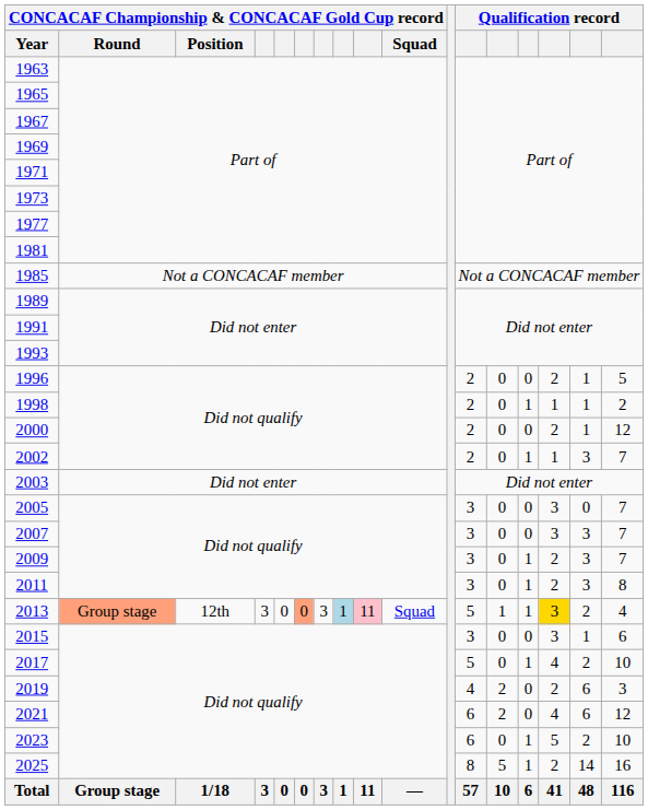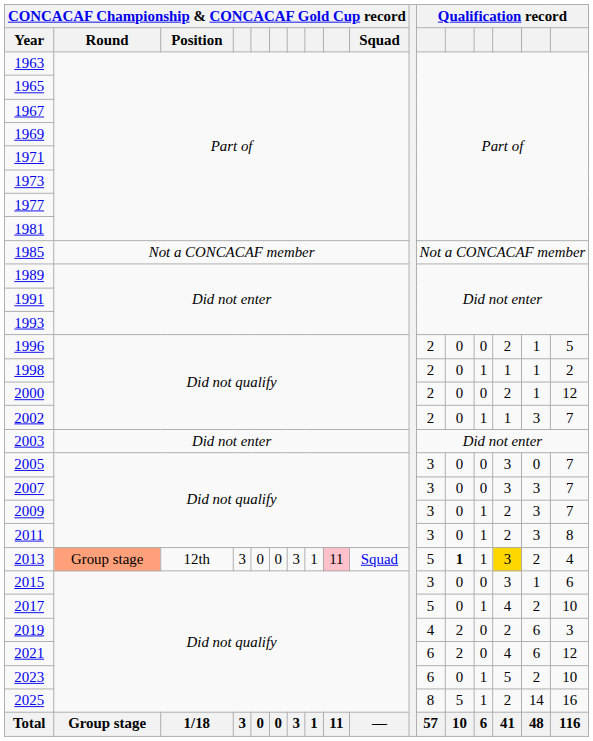 <table class="wikitable" style="text-align:center">
 <tr>
 <th colspan=10><a href='#'>CONCACAF Championship</a> & <a href='#'>CONCACAF Gold Cup</a> record</th>
 <th rowspan=40></th>
 <th colspan=6><a href='#'>Qualification</a> record</th>
 </tr>
 <tr>
 <th>Year</th>
 <th>Round</th>
 <th>Position</th>
 <th></th>
 <th></th>
 <th></th>
 <th></th>
 <th></th>
 <th></th>
 <th>Squad</th>
 <th></th>
 <th></th>
 <th></th>
 <th></th>
 <th></th>
 <th></th>
 </tr>
 <tr>
 <td> <a href='#'>1963</a></td>
 <td colspan=9 rowspan=8><em>Part of </em></td>
 <td colspan=6 rowspan=8><em>Part of </em></td>
 </tr>
 <tr>
 <td> <a href='#'>1965</a></td>
 </tr>
 <tr>
 <td> <a href='#'>1967</a></td>
 </tr>
 <tr>
 <td> <a href='#'>1969</a></td>
 </tr>
 <tr>
 <td> <a href='#'>1971</a></td>
 </tr>
 <tr>
 <td> <a href='#'>1973</a></td>
 </tr>
 <tr>
 <td> <a href='#'>1977</a></td>
 </tr>
 <tr>
 <td> <a href='#'>1981</a></td>
 </tr>
 <tr>
 <td><a href='#'>1985</a></td>
 <td colspan=9><em>Not a CONCACAF member</em></td>
 <td colspan=6><em>Not a CONCACAF member</em></td>
 </tr>
 <tr>
 <td><a href='#'>1989</a></td>
 <td colspan=9 rowspan=3><em>Did not enter</em></td>
 <td colspan=6 rowspan=3><em>Did not enter</em></td>
 </tr>
 <tr>
 <td> <a href='#'>1991</a></td>
 </tr>
 <tr>
 <td>  <a href='#'>1993</a></td>
 </tr>
 <tr>
 <td> <a href='#'>1996</a></td>
 <td colspan=9 rowspan=4><em>Did not qualify</em></td>
 <td>2</td>
 <td>0</td>
 <td>0</td>
 <td>2</td>
 <td>1</td>
 <td>5</td>
 </tr>
 <tr>
 <td> <a href='#'>1998</a></td>
 <td>2</td>
 <td>0</td>
 <td>1</td>
 <td>1</td>
 <td>1</td>
 <td>2</td>
 </tr>
 <tr>
 <td> <a href='#'>2000</a></td>
 <td>2</td>
 <td>0</td>
 <td>0</td>
 <td>2</td>
 <td>1</td>
 <td>12</td>
 </tr>
 <tr>
 <td> <a href='#'>2002</a></td>
 <td>2</td>
 <td>0</td>
 <td>1</td>
 <td>1</td>
 <td>3</td>
 <td>7</td>
 </tr>
 <tr>
 <td>  <a href='#'>2003</a></td>
 <td colspan=9><em>Did not enter</em></td>
 <td colspan=6><em>Did not enter</em></td>
 </tr>
 <tr>
 <td> <a href='#'>2005</a></td>
 <td colspan=9 rowspan=4><em>Did not qualify</em></td>
 <td>3</td>
 <td>0</td>
 <td>0</td>
 <td>3</td>
 <td>0</td>
 <td>7</td>
 </tr>
 <tr>
 <td> <a href='#'>2007</a></td>
 <td>3</td>
 <td>0</td>
 <td>0</td>
 <td>3</td>
 <td>3</td>
 <td>7</td>
 </tr>
 <tr>
 <td> <a href='#'>2009</a></td>
 <td>3</td>
 <td>0</td>
 <td>1</td>
 <td>2</td>
 <td>3</td>
 <td>7</td>
 </tr>
 <tr>
 <td> <a href='#'>2011</a></td>
 <td>3</td>
 <td>0</td>
 <td>1</td>
 <td>2</td>
 <td>3</td>
 <td>8</td>
 </tr>
 <tr>
 <td> <a href='#'>2013</a></td>
 <td style="background: lightsalmon;">Group stage</td>
 <td>12th</td>
 <td>3</td>
 <td>0</td>
-<td style="background: lightsalmon;">0</td>
+<td>0</td>
 <td>3</td>
-<td style="background: lightblue;">1</td>
+<td>1</td>
 <td style="background: pink;">11</td>
 <td><a href='#'>Squad</a></td>
 <td>5</td>
-<td>1</td>
+<td><strong>1</strong></td>
 <td>1</td>
 <td style="background: gold;">3</td>
 <td>2</td>
 <td>4</td>
 </tr>
 <tr>
 <td>  <a href='#'>2015</a></td>
 <td colspan=9 rowspan=6><em>Did not qualify</em></td>
 <td>3</td>
 <td>0</td>
 <td>0</td>
 <td>3</td>
 <td>1</td>
 <td>6</td>
 </tr>
 <tr>
 <td> <a href='#'>2017</a></td>
 <td>5</td>
 <td>0</td>
 <td>1</td>
 <td>4</td>
 <td>2</td>
 <td>10</td>
 </tr>
 <tr>
 <td>   <a href='#'>2019</a></td>
 <td>4</td>
 <td>2</td>
 <td>0</td>
 <td>2</td>
 <td>6</td>
 <td>3</td>
 </tr>
 <tr>
 <td> <a href='#'>2021</a></td>
 <td>6</td>
 <td>2</td>
 <td>0</td>
 <td>4</td>
 <td>6</td>
 <td>12</td>
 </tr>
 <tr>
 <td>  <a href='#'>2023</a></td>
 <td>6</td>
 <td>0</td>
 <td>1</td>
 <td>5</td>
 <td>2</td>
 <td>10</td>
 </tr>
 <tr>
 <td>  <a href='#'>2025</a></td>
 <td>8</td>
 <td>5</td>
 <td>1</td>
 <td>2</td>
 <td>14</td>
 <td>16</td>
 </tr>
 <tr>
 <th>Total</th>
 <th>Group stage</th>
 <th>1/18</th>
 <th>3</th>
 <th>0</th>
 <th>0</th>
 <th>3</th>
 <th>1</th>
 <th>11</th>
 <th>—</th>
 <th>57</th>
 <th>10</th>
 <th>6</th>
 <th>41</th>
 <th>48</th>
 <th>116</th>
 </tr>
 </table>
